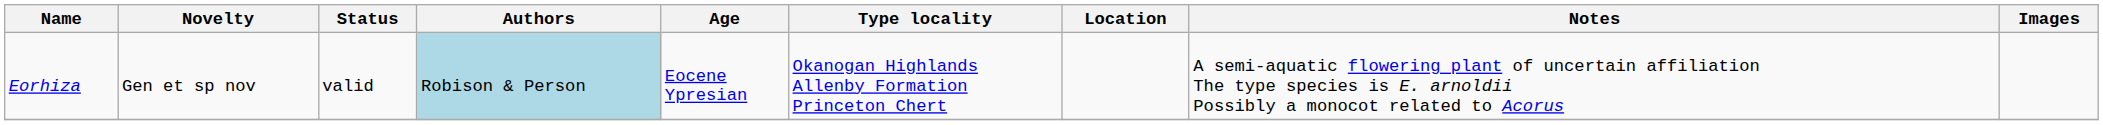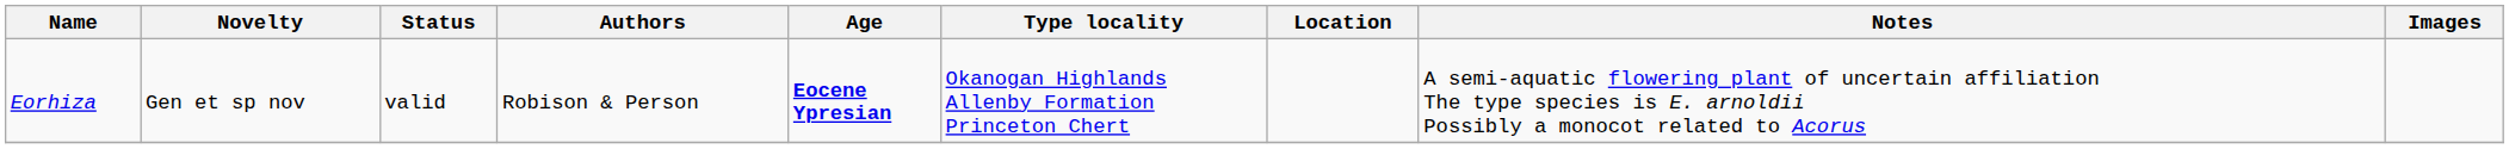 <table class="wikitable sortable" align="center" width="80%">
 <tr>
 <th>Name</th>
 <th>Novelty</th>
 <th>Status</th>
 <th>Authors</th>
 <th>Age</th>
 <th>Type locality</th>
 <th>Location</th>
 <th>Notes</th>
 <th>Images</th>
 </tr>
 <tr>
 <td><br><em><a href='#'>Eorhiza</a></em></td>
 <td><br>Gen et sp nov</td>
 <td><br>valid</td>
-<td style="background: lightblue;"><br>Robison & Person</td>
-<td><br><a href='#'>Eocene</a><br><a href='#'>Ypresian</a></td>
+<td><br>Robison & Person</td>
+<td><strong><br><a href='#'>Eocene</a><br><a href='#'>Ypresian</a></strong></td>
 <td><br><a href='#'>Okanogan Highlands</a><br><a href='#'>Allenby Formation</a><br><a href='#'>Princeton Chert</a></td>
 <td><br><br></td>
 <td><br>A semi-aquatic <a href='#'>flowering plant</a> of uncertain affiliation<br> The type species is <em>E. arnoldii</em><br>Possibly a monocot related to <em><a href='#'>Acorus</a></em></td>
 <td></td>
 </tr>
 <tr>
 </tr>
 </table>
